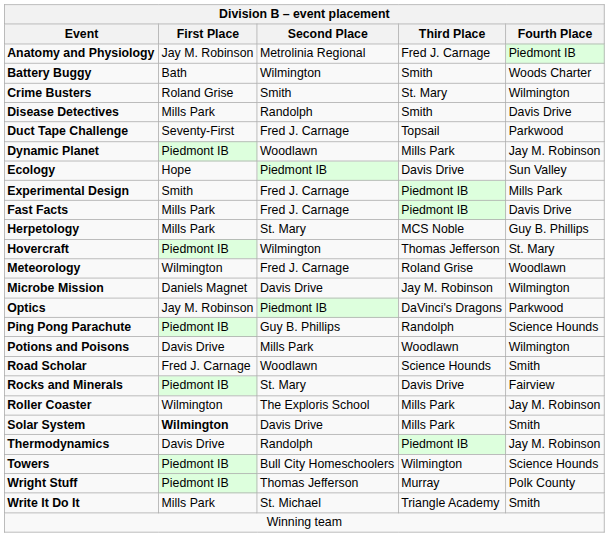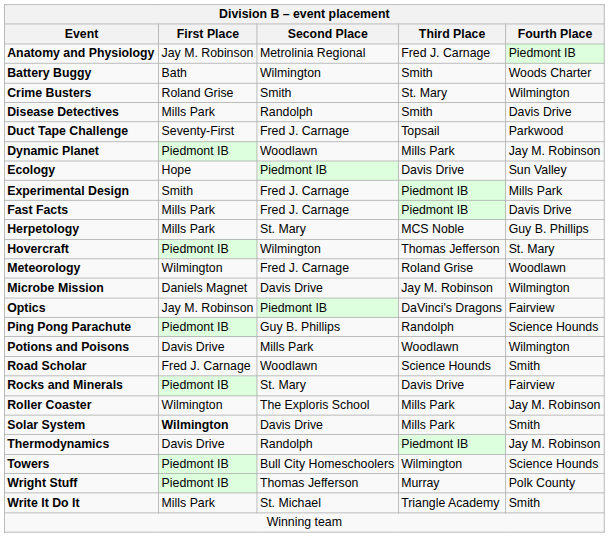 <table class="wikitable collapsible collapsed" style="float:left; width:780px">
 <tr>
 <th colspan=5>Division B – event placement</th>
 </tr>
 <tr>
 <th>Event</th>
 <th>First Place</th>
 <th>Second Place</th>
 <th>Third Place</th>
 <th>Fourth Place</th>
 </tr>
 <tr>
 <td><strong>Anatomy and Physiology</strong></td>
 <td>Jay M. Robinson</td>
 <td>Metrolinia Regional</td>
 <td>Fred J. Carnage</td>
 <td style="background:#ddffdd">Piedmont IB</td>
 </tr>
 <tr>
 <td><strong>Battery Buggy</strong></td>
 <td>Bath</td>
 <td>Wilmington</td>
 <td>Smith</td>
 <td>Woods Charter</td>
 </tr>
 <tr>
 <td><strong>Crime Busters</strong></td>
 <td>Roland Grise</td>
 <td>Smith</td>
 <td>St. Mary</td>
 <td>Wilmington</td>
 </tr>
 <tr>
 <td><strong>Disease Detectives</strong></td>
 <td>Mills Park</td>
 <td>Randolph</td>
 <td>Smith</td>
 <td>Davis Drive</td>
 </tr>
 <tr>
 <td><strong>Duct Tape Challenge</strong></td>
 <td>Seventy-First</td>
 <td>Fred J. Carnage</td>
 <td>Topsail</td>
 <td>Parkwood</td>
 </tr>
 <tr>
 <td><strong>Dynamic Planet</strong></td>
 <td style="background:#ddffdd">Piedmont IB</td>
 <td>Woodlawn</td>
 <td>Mills Park</td>
 <td>Jay M. Robinson</td>
 </tr>
 <tr>
 <td><strong>Ecology</strong></td>
 <td>Hope</td>
 <td style="background:#ddffdd">Piedmont IB</td>
 <td>Davis Drive</td>
 <td>Sun Valley</td>
 </tr>
 <tr>
 <td><strong>Experimental Design</strong></td>
 <td>Smith</td>
 <td>Fred J. Carnage</td>
 <td style="background:#ddffdd">Piedmont IB</td>
 <td>Mills Park</td>
 </tr>
 <tr>
 <td><strong>Fast Facts</strong></td>
 <td>Mills Park</td>
 <td>Fred J. Carnage</td>
 <td style="background:#ddffdd">Piedmont IB</td>
 <td>Davis Drive</td>
 </tr>
 <tr>
 <td><strong>Herpetology</strong></td>
 <td>Mills Park</td>
 <td>St. Mary</td>
 <td>MCS Noble</td>
 <td>Guy B. Phillips</td>
 </tr>
 <tr>
 <td><strong>Hovercraft</strong></td>
 <td style="background:#ddffdd">Piedmont IB</td>
 <td>Wilmington</td>
 <td>Thomas Jefferson</td>
 <td>St. Mary</td>
 </tr>
 <tr>
 <td><strong>Meteorology</strong></td>
 <td>Wilmington</td>
 <td>Fred J. Carnage</td>
 <td>Roland Grise</td>
 <td>Woodlawn</td>
 </tr>
 <tr>
 <td><strong>Microbe Mission</strong></td>
 <td>Daniels Magnet</td>
 <td>Davis Drive</td>
 <td>Jay M. Robinson</td>
 <td>Wilmington</td>
 </tr>
 <tr>
 <td><strong>Optics</strong></td>
 <td>Jay M. Robinson</td>
 <td style="background:#ddffdd">Piedmont IB</td>
 <td>DaVinci's Dragons</td>
-<td>Parkwood</td>
+<td>Fairview</td>
 </tr>
 <tr>
 <td><strong>Ping Pong Parachute</strong></td>
 <td style="background:#ddffdd">Piedmont IB</td>
 <td>Guy B. Phillips</td>
 <td>Randolph</td>
 <td>Science Hounds</td>
 </tr>
 <tr>
 <td><strong>Potions and Poisons</strong></td>
 <td>Davis Drive</td>
 <td>Mills Park</td>
 <td>Woodlawn</td>
 <td>Wilmington</td>
 </tr>
 <tr>
 <td><strong>Road Scholar</strong></td>
 <td>Fred J. Carnage</td>
 <td>Woodlawn</td>
 <td>Science Hounds</td>
 <td>Smith</td>
 </tr>
 <tr>
 <td><strong>Rocks and Minerals</strong></td>
 <td style="background:#ddffdd">Piedmont IB</td>
 <td>St. Mary</td>
 <td>Davis Drive</td>
 <td>Fairview</td>
 </tr>
 <tr>
 <td><strong>Roller Coaster</strong></td>
 <td>Wilmington</td>
 <td>The Exploris School</td>
 <td>Mills Park</td>
 <td>Jay M. Robinson</td>
 </tr>
 <tr>
 <td><strong>Solar System</strong></td>
 <td><strong>Wilmington</strong></td>
 <td>Davis Drive</td>
 <td>Mills Park</td>
 <td>Smith</td>
 </tr>
 <tr>
 <td><strong>Thermodynamics</strong></td>
 <td>Davis Drive</td>
 <td>Randolph</td>
 <td style="background:#ddffdd">Piedmont IB</td>
 <td>Jay M. Robinson</td>
 </tr>
 <tr>
 <td><strong>Towers</strong></td>
 <td style="background:#ddffdd">Piedmont IB</td>
 <td>Bull City Homeschoolers</td>
 <td>Wilmington</td>
 <td>Science Hounds</td>
 </tr>
 <tr>
 <td><strong>Wright Stuff</strong></td>
 <td style="background:#ddffdd">Piedmont IB</td>
 <td>Thomas Jefferson</td>
 <td>Murray</td>
 <td>Polk County</td>
 </tr>
 <tr>
 <td><strong>Write It Do It</strong></td>
 <td>Mills Park</td>
 <td>St. Michael</td>
 <td>Triangle Academy</td>
 <td>Smith</td>
 </tr>
 <tr>
 <td colspan=5 style=text-align:center> Winning team</td>
 </tr>
 </table>
